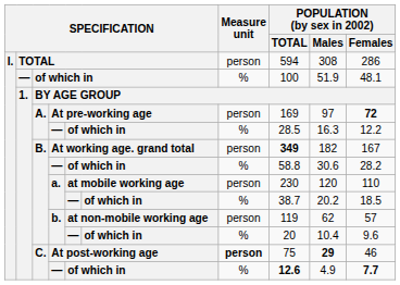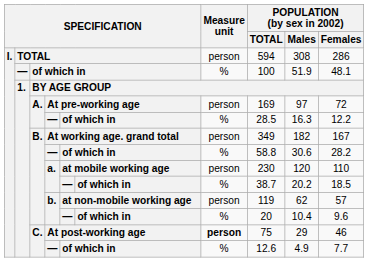 <table class="wikitable" style="font-size:85%; text-align:center">
 <tr>
 <th rowspan="2" colspan="6">SPECIFICATION</th>
 <th rowspan="2">Measure<br> unit</th>
 <th colspan="3" rowspan="1">POPULATION<br> (by sex in 2002)</th>
 </tr>
 <tr>
 <th>TOTAL</th>
 <th>Males</th>
 <th>Females</th>
 </tr>
 <tr>
 <th style="text-align:left" valign="top" rowspan="13">I.</th>
 <th style="text-align:left" colspan="5">TOTAL</th>
 <td>person</td>
 <td>594</td>
 <td>308</td>
 <td>286</td>
 </tr>
 <tr>
 <th style="text-align:left" valign="top">—</th>
 <th style="text-align:left" colspan="4">of which in</th>
 <td>%</td>
 <td>100</td>
 <td>51.9</td>
 <td>48.1</td>
 </tr>
 <tr>
 <th style="text-align:left" valign="top" rowspan="11">1.</th>
 <th style="text-align:left" colspan="19">BY AGE GROUP</th>
 </tr>
 <tr>
 <th style="text-align:left" valign="top" rowspan="2">A.</th>
 <th style="text-align:left" colspan="3">At pre-working age</th>
 <td>person</td>
 <td>169</td>
 <td>97</td>
-<td><strong>72</strong></td>
+<td>72</td>
 </tr>
 <tr>
 <th style="text-align:left" valign="top">—</th>
 <th style="text-align:left" valign="top" colspan="2">of which in</th>
 <td>%</td>
 <td>28.5</td>
 <td>16.3</td>
 <td>12.2</td>
 </tr>
 <tr>
 <th style="text-align:left" valign="top" rowspan="6">B.</th>
 <th style="text-align:left" colspan="3">At working age. grand total</th>
 <td>person</td>
-<td><strong>349</strong></td>
+<td>349</td>
 <td>182</td>
 <td>167</td>
 </tr>
 <tr>
 <th style="text-align:left" valign="top">—</th>
 <th style="text-align:left" valign="top" colspan="2">of which in</th>
 <td>%</td>
 <td>58.8</td>
 <td>30.6</td>
 <td>28.2</td>
 </tr>
 <tr>
 <th style="text-align:left" valign="top" rowspan="2">a.</th>
 <th style="text-align:left" colspan="2">at mobile working age</th>
 <td>person</td>
 <td>230</td>
 <td>120</td>
 <td>110</td>
 </tr>
 <tr>
 <th style="text-align:left" valign="top">—</th>
 <th style="text-align:left" valign="top" colspan="1">of which in                        </th>
 <td>%</td>
 <td>38.7</td>
 <td>20.2</td>
 <td>18.5</td>
 </tr>
 <tr>
 <th style="text-align:left" valign="top" rowspan="2">b.</th>
 <th style="text-align:left" colspan="2">at non-mobile working age</th>
 <td>person</td>
 <td>119</td>
 <td>62</td>
 <td>57</td>
 </tr>
 <tr>
 <th style="text-align:left" valign="top">—</th>
 <th style="text-align:left" valign="top" colspan="1">of which in                        </th>
 <td>%</td>
 <td>20</td>
 <td>10.4</td>
 <td>9.6</td>
 </tr>
 <tr>
 <th style="text-align:left" valign="top" rowspan="2">C.</th>
 <th style="text-align:left" colspan="3">At post-working age</th>
 <td><strong>person</strong></td>
 <td>75</td>
-<td><strong>29</strong></td>
+<td>29</td>
 <td>46</td>
 </tr>
 <tr>
 <th style="text-align:left" valign="top">—</th>
 <th style="text-align:left" valign="top" colspan="2">of which in</th>
 <td>%</td>
-<td><strong>12.6</strong></td>
+<td>12.6</td>
 <td>4.9</td>
-<td><strong>7.7</strong></td>
+<td>7.7</td>
 </tr>
 </table>
